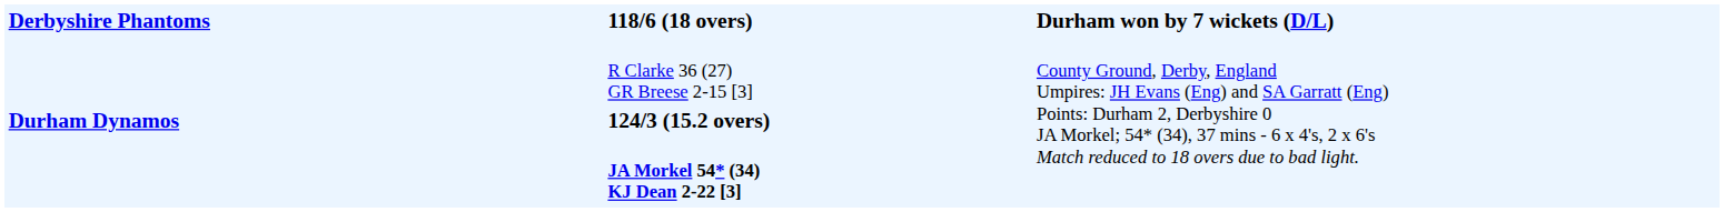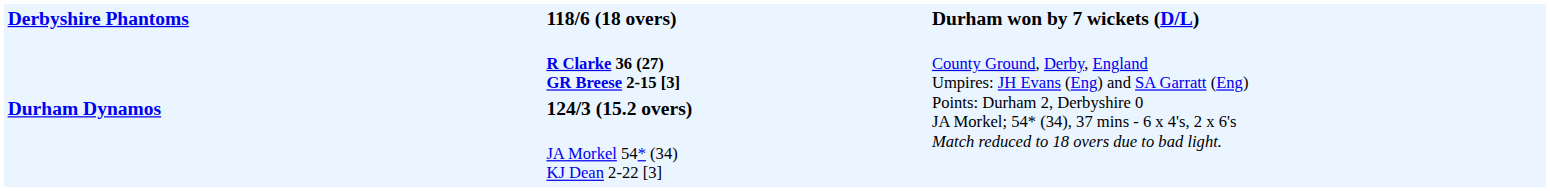 <table style="width:100%; background:#ebf5ff;">
 <tr>
 <td style="width:35%; vertical-align:top;" rowspan="2"><strong><a href='#'>Derbyshire Phantoms</a></strong></td>
 <td style="width:25%;"><strong>118/6 (18 overs)</strong></td>
 <td style="width:40%;"><strong>Durham won by 7 wickets (<a href='#'>D/L</a>)</strong></td>
 </tr>
 <tr>
-<td style="font-size: 85%;"><br><a href='#'>R Clarke</a> 36 (27)<br> <a href='#'>GR Breese</a> 2-15 [3]</td>
+<td style="font-size: 85%;"><strong><br><a href='#'>R Clarke</a> 36 (27)<br> <a href='#'>GR Breese</a> 2-15 [3]</strong></td>
 <td style="vertical-align:top; font-size:85%;" rowspan="3"><br><a href='#'>County Ground</a>, <a href='#'>Derby</a>, <a href='#'>England</a><br> Umpires: <a href='#'>JH Evans</a> (<a href='#'>Eng</a>) and <a href='#'>SA Garratt</a> (<a href='#'>Eng</a>)<br> Points: Durham 2, Derbyshire 0<br>JA Morkel; 54* (34), 37 mins - 6 x 4's, 2 x 6's<br> <em>Match reduced to 18 overs due to bad light.</em></td>
 </tr>
 <tr>
 <td style="vertical-align:top;" rowspan="2"><strong><a href='#'>Durham Dynamos</a></strong></td>
 <td><strong>124/3 (15.2 overs)</strong></td>
 </tr>
 <tr>
-<td style="font-size: 85%;"><strong><br><a href='#'>JA Morkel</a> 54<a href='#'>*</a> (34)<br> <a href='#'>KJ Dean</a> 2-22 [3]</strong></td>
+<td style="font-size: 85%;"><br><a href='#'>JA Morkel</a> 54<a href='#'>*</a> (34)<br> <a href='#'>KJ Dean</a> 2-22 [3]</td>
 </tr>
 </table>
